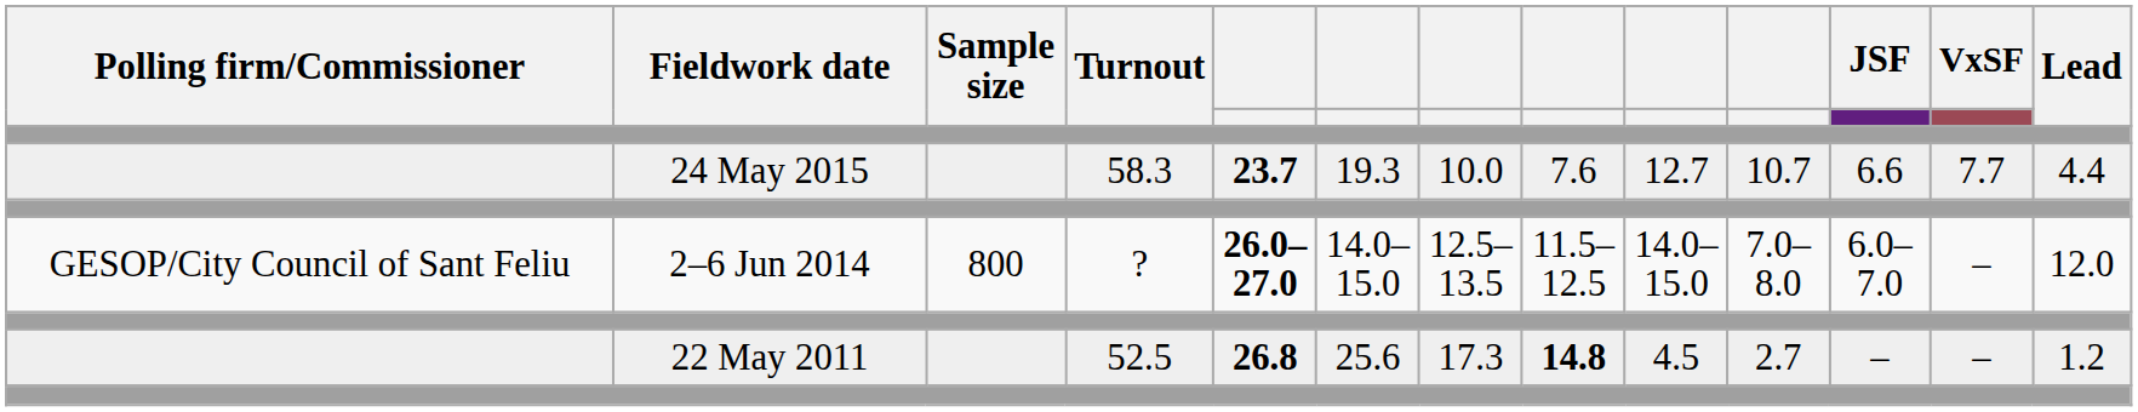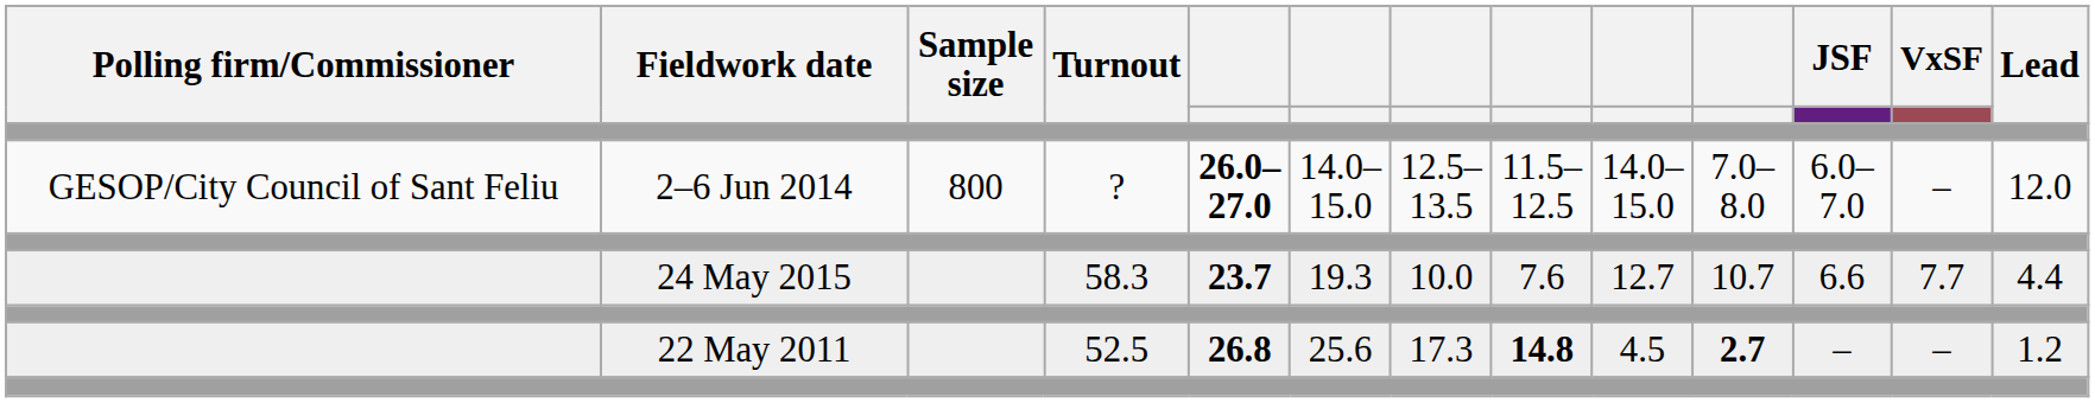 <table class="wikitable collapsible collapsed" style="text-align:center; font-size:95%; line-height:16px;">
 <tr style="height:42px;">
 <th style="width:250px;" rowspan="2">Polling firm/Commissioner</th>
 <th style="width:125px;" rowspan="2">Fieldwork date</th>
 <th style="width:50px;" rowspan="2">Sample size</th>
 <th style="width:45px;" rowspan="2">Turnout</th>
 <th style="width:35px;"></th>
 <th style="width:35px;"></th>
 <th style="width:35px;"></th>
 <th style="width:35px;"></th>
 <th style="width:35px;"></th>
 <th style="width:35px;"></th>
 <th style="width:35px;">JSF</th>
 <th style="width:35px; font-size:95%;">VxSF</th>
 <th style="width:30px;" rowspan="2">Lead</th>
 </tr>
 <tr>
 <th style="color:inherit;background:"></th>
 <th style="color:inherit;background:"></th>
 <th style="color:inherit;background:"></th>
 <th style="color:inherit;background:"></th>
 <th style="color:inherit;background:"></th>
 <th style="color:inherit;background:"></th>
 <th style="color:inherit;background:#611E7F;"></th>
 <th style="color:inherit;background:#9B4955;"></th>
 </tr>
 <tr>
 <td colspan="13" style="background:#A0A0A0"></td>
 </tr>
-<tr style="background:#EFEFEF;">
-<td><strong></strong></td>
-<td>24 May 2015</td>
-<td></td>
-<td>58.3</td>
-<td><strong>23.7</strong><br></td>
-<td>19.3<br></td>
-<td>10.0<br></td>
-<td>7.6<br></td>
-<td>12.7<br></td>
-<td>10.7<br></td>
-<td>6.6<br></td>
-<td>7.7<br></td>
-<td style="background:">4.4</td>
-</tr>
-<tr>
-<td colspan="13" style="background:#A0A0A0"></td>
-</tr>
 <tr>
 <td>GESOP/City Council of Sant Feliu</td>
 <td>2–6 Jun 2014</td>
 <td>800</td>
 <td>?</td>
 <td><strong>26.0–<br>27.0</strong><br></td>
 <td>14.0–<br>15.0<br></td>
 <td>12.5–<br>13.5<br></td>
 <td>11.5–<br>12.5<br></td>
 <td>14.0–<br>15.0<br></td>
 <td>7.0–<br>8.0<br></td>
 <td>6.0–<br>7.0<br></td>
 <td>–</td>
 <td style="background:">12.0</td>
 </tr>
 <tr>
 <td colspan="13" style="background:#A0A0A0"></td>
 </tr>
 <tr style="background:#EFEFEF;">
 <td><strong></strong></td>
+<td>24 May 2015</td>
+<td></td>
+<td>58.3</td>
+<td><strong>23.7</strong><br></td>
+<td>19.3<br></td>
+<td>10.0<br></td>
+<td>7.6<br></td>
+<td>12.7<br></td>
+<td>10.7<br></td>
+<td>6.6<br></td>
+<td>7.7<br></td>
+<td style="background:">4.4</td>
+</tr>
+<tr>
+<td colspan="13" style="background:#A0A0A0"></td>
+</tr>
+<tr style="background:#EFEFEF;">
+<td><strong></strong></td>
 <td>22 May 2011</td>
 <td></td>
 <td>52.5</td>
 <td><strong>26.8</strong><br></td>
 <td>25.6<br></td>
 <td>17.3<br></td>
 <td><strong>14.8<br></strong></td>
 <td>4.5<br></td>
-<td>2.7<br></td>
+<td><strong>2.7<br></strong></td>
 <td>–</td>
 <td>–</td>
 <td style="background:">1.2</td>
 </tr>
 <tr>
 <td colspan="13" style="background:#A0A0A0"></td>
 </tr>
 </table>
